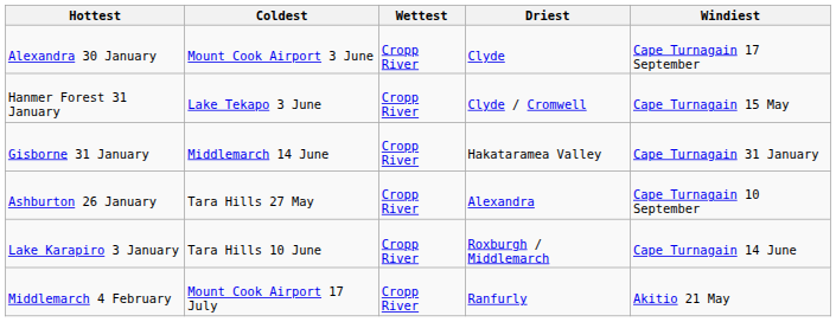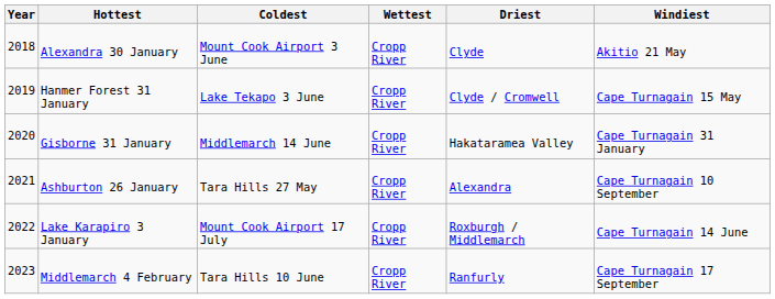 <table class="wikitable">
 <tr>
+<th>Year</th>
 <th>Hottest</th>
 <th>Coldest</th>
 <th>Wettest</th>
 <th>Driest</th>
 <th>Windiest</th>
 </tr>
 <tr>
+<td>2018</td>
 <td><br><a href='#'>Alexandra</a> 30 January</td>
 <td><br><a href='#'>Mount Cook Airport</a> 3 June</td>
 <td><br><a href='#'>Cropp River</a></td>
 <td><br><a href='#'>Clyde</a></td>
-<td><br><a href='#'>Cape Turnagain</a> 17 September</td>
+<td><br><a href='#'>Akitio</a> 21 May</td>
 </tr>
 <tr>
+<td>2019</td>
 <td><br>Hanmer Forest 31 January</td>
 <td><br><a href='#'>Lake Tekapo</a> 3 June</td>
 <td><br><a href='#'>Cropp River</a></td>
 <td><br><a href='#'>Clyde</a> / <a href='#'>Cromwell</a></td>
 <td><br><a href='#'>Cape Turnagain</a> 15 May</td>
 </tr>
 <tr>
+<td>2020</td>
 <td><br><a href='#'>Gisborne</a> 31 January</td>
 <td><br><a href='#'>Middlemarch</a> 14 June</td>
 <td><br><a href='#'>Cropp River</a></td>
 <td><br>Hakataramea Valley</td>
 <td><br><a href='#'>Cape Turnagain</a> 31 January</td>
 </tr>
 <tr>
+<td>2021</td>
 <td><br><a href='#'>Ashburton</a> 26 January</td>
 <td><br>Tara Hills 27 May</td>
 <td><br><a href='#'>Cropp River</a></td>
 <td><br><a href='#'>Alexandra</a></td>
 <td><br><a href='#'>Cape Turnagain</a> 10 September</td>
 </tr>
 <tr>
+<td>2022</td>
 <td><br><a href='#'>Lake Karapiro</a> 3 January</td>
-<td><br>Tara Hills 10 June</td>
+<td><br><a href='#'>Mount Cook Airport</a> 17 July</td>
 <td><br><a href='#'>Cropp River</a></td>
 <td><br><a href='#'>Roxburgh</a> / <a href='#'>Middlemarch</a></td>
 <td><br><a href='#'>Cape Turnagain</a> 14 June</td>
 </tr>
 <tr>
+<td>2023</td>
 <td><br><a href='#'>Middlemarch</a> 4 February</td>
-<td><br><a href='#'>Mount Cook Airport</a> 17 July</td>
+<td><br>Tara Hills 10 June</td>
 <td><br><a href='#'>Cropp River</a></td>
 <td><br><a href='#'>Ranfurly</a></td>
-<td><br><a href='#'>Akitio</a> 21 May</td>
+<td><br><a href='#'>Cape Turnagain</a> 17 September</td>
 </tr>
 </table>
